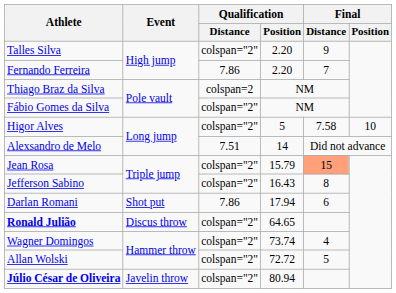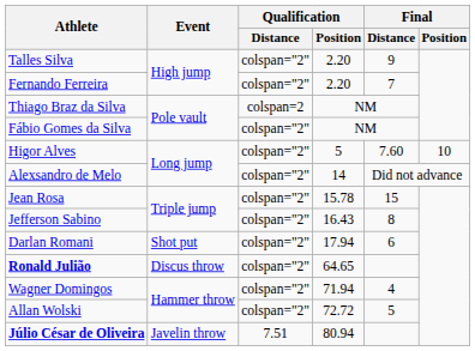 <table class=wikitable style="font-size:90%">
 <tr>
 <th rowspan="2">Athlete</th>
 <th rowspan="2">Event</th>
 <th colspan="2">Qualification</th>
 <th colspan="2">Final</th>
 </tr>
 <tr style="font-size:95%">
 <th>Distance</th>
 <th>Position</th>
 <th>Distance</th>
 <th>Position</th>
 </tr>
 <tr align=center>
 <td align=left><a href='#'>Talles Silva</a></td>
 <td align=left rowspan=2><a href='#'>High jump</a></td>
 <td>colspan="2" </td>
 <td>2.20</td>
 <td>9</td>
 </tr>
 <tr align=center>
 <td align=left><a href='#'>Fernando Ferreira</a></td>
-<td>7.86</td>
+<td>colspan="2" </td>
 <td>2.20</td>
 <td>7</td>
 </tr>
 <tr align=center>
 <td align=left><a href='#'>Thiago Braz da Silva</a></td>
 <td align=left rowspan=2><a href='#'>Pole vault</a></td>
 <td>colspan=2 </td>
 <td colspan=2>NM</td>
 </tr>
 <tr align=center>
 <td align=left><a href='#'>Fábio Gomes da Silva</a></td>
 <td>colspan="2" </td>
 <td colspan=2>NM</td>
 </tr>
 <tr align=center>
 <td align=left><a href='#'>Higor Alves</a></td>
 <td align=left rowspan=2><a href='#'>Long jump</a></td>
 <td>colspan="2" </td>
 <td>5</td>
-<td>7.58</td>
+<td>7.60</td>
 <td>10</td>
 </tr>
 <tr align=center>
 <td align=left><a href='#'>Alexsandro de Melo</a></td>
-<td>7.51</td>
+<td>colspan="2" </td>
 <td>14</td>
 <td align="center" colspan="2">Did not advance</td>
 </tr>
 <tr align=center>
 <td align=left><a href='#'>Jean Rosa</a></td>
 <td align=left rowspan=2><a href='#'>Triple jump</a></td>
 <td>colspan="2" </td>
-<td>15.79</td>
-<td style="background: lightsalmon;">15</td>
+<td>15.78</td>
+<td>15</td>
 </tr>
 <tr align=center>
 <td align=left><a href='#'>Jefferson Sabino</a></td>
 <td>colspan="2" </td>
 <td>16.43</td>
 <td>8</td>
 </tr>
 <tr align=center>
 <td align=left><a href='#'>Darlan Romani</a></td>
 <td align=left><a href='#'>Shot put</a></td>
-<td>7.86</td>
+<td>colspan="2" </td>
 <td>17.94</td>
 <td>6</td>
 </tr>
 <tr align=center>
 <td align=left><strong><a href='#'>Ronald Julião</a></strong></td>
 <td align=left><a href='#'>Discus throw</a></td>
 <td>colspan="2" </td>
 <td>64.65</td>
 <td></td>
 </tr>
 <tr align=center>
 <td align=left><a href='#'>Wagner Domingos</a></td>
 <td align=left rowspan=2><a href='#'>Hammer throw</a></td>
 <td>colspan="2" </td>
-<td>73.74</td>
+<td>71.94</td>
 <td>4</td>
 </tr>
 <tr align=center>
 <td align=left><a href='#'>Allan Wolski</a></td>
 <td>colspan="2" </td>
 <td>72.72</td>
 <td>5</td>
 </tr>
 <tr align=center>
 <td align=left><strong><a href='#'>Júlio César de Oliveira</a></strong></td>
 <td align=left><a href='#'>Javelin throw</a></td>
-<td>colspan="2" </td>
+<td>7.51</td>
 <td>80.94</td>
 <td></td>
 </tr>
 </table>
